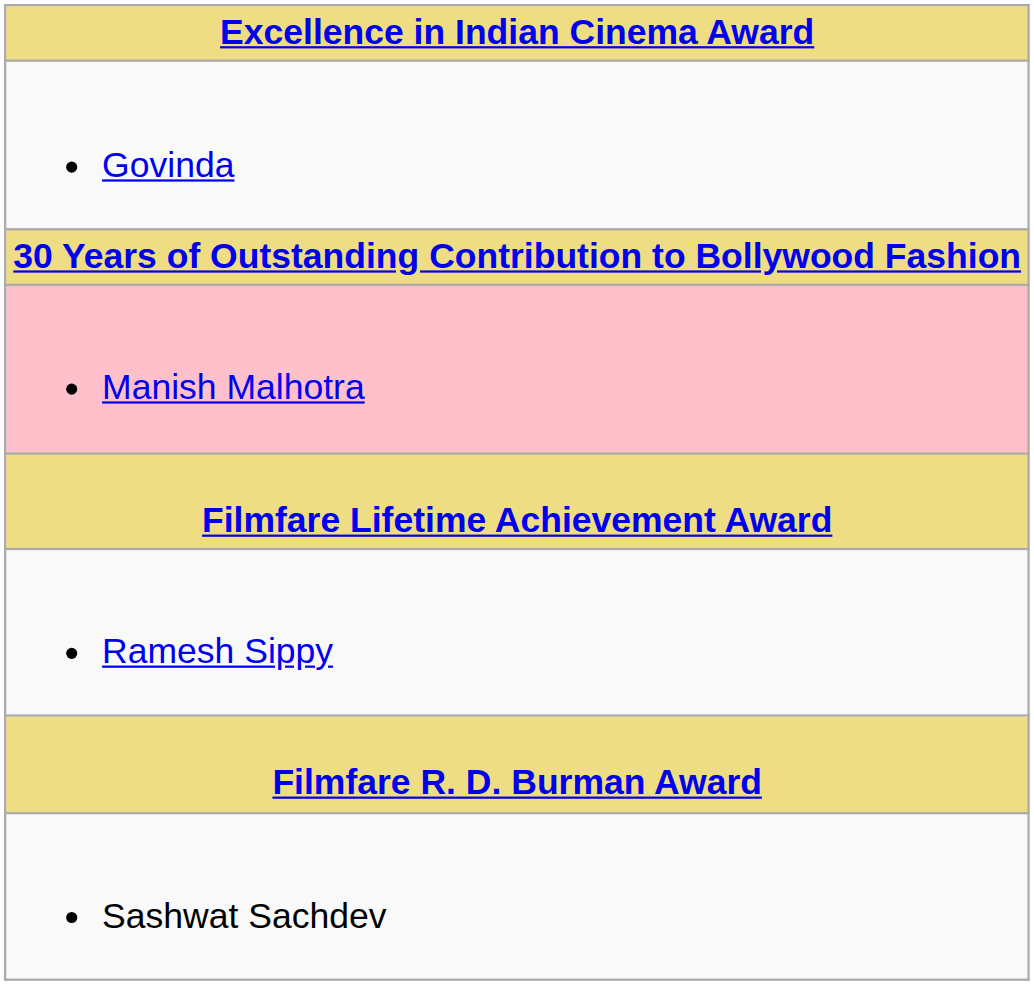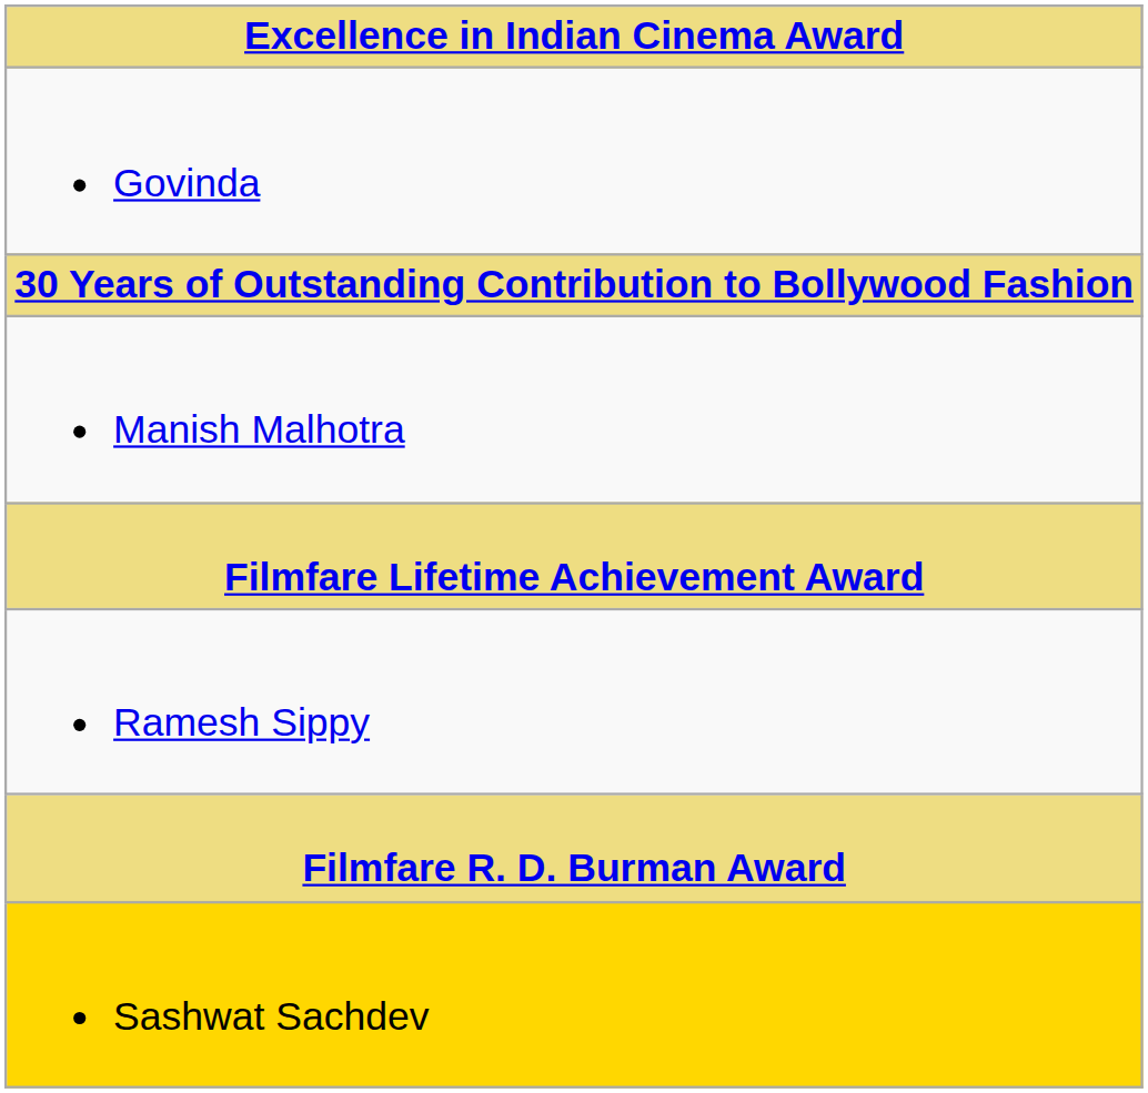 <table class="wikitable">
 <tr>
 <th style="background:#EEDD82;" colspan="2"><a href='#'>Excellence in Indian Cinema Award</a></th>
 </tr>
 <tr>
 <td colspan=3><br><ul><li><a href='#'>Govinda</a></li></ul></td>
 </tr>
 <tr>
 <th style="background:#EEDD82;"><a href='#'> 30 Years of Outstanding Contribution to Bollywood Fashion</a></th>
 </tr>
 <tr>
-<td style="background: pink;"><br><ul><li><a href='#'>Manish Malhotra</a></li></ul></td>
+<td><br><ul><li><a href='#'>Manish Malhotra</a></li></ul></td>
 </tr>
 <tr>
 <th style="background:#EEDD82;"><br><a href='#'>Filmfare Lifetime Achievement Award</a></th>
 </tr>
 <tr>
 <td><br><ul><li><a href='#'>Ramesh Sippy</a></li></ul></td>
 </tr>
 <tr>
 <th style="background:#EEDD82;"><br><a href='#'>Filmfare R. D. Burman Award</a></th>
 </tr>
 <tr>
-<td><br><ul><li>Sashwat Sachdev</li></ul></td>
+<td style="background: gold;"><br><ul><li>Sashwat Sachdev</li></ul></td>
 </tr>
 </table>
